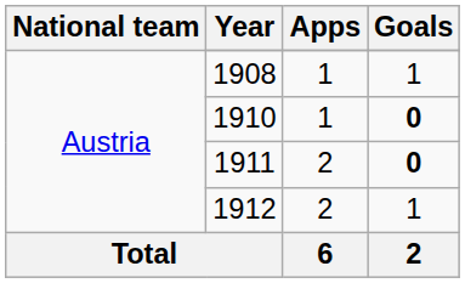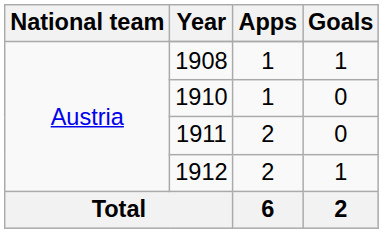 <table class=wikitable style=text-align:center>
 <tr>
 <th>National team</th>
 <th>Year</th>
 <th>Apps</th>
 <th>Goals</th>
 </tr>
 <tr>
 <td rowspan=5><a href='#'>Austria</a></td>
 </tr>
 <tr>
 <td>1908</td>
 <td>1</td>
 <td>1</td>
 </tr>
 <tr>
 <td>1910</td>
 <td>1</td>
-<td><strong>0</strong></td>
+<td>0</td>
 </tr>
 <tr>
 <td>1911</td>
 <td>2</td>
-<td><strong>0</strong></td>
+<td>0</td>
 </tr>
 <tr>
 <td>1912</td>
 <td>2</td>
 <td>1</td>
 </tr>
 <tr>
 <th colspan=2>Total</th>
 <th>6</th>
 <th>2</th>
 </tr>
 </table>
